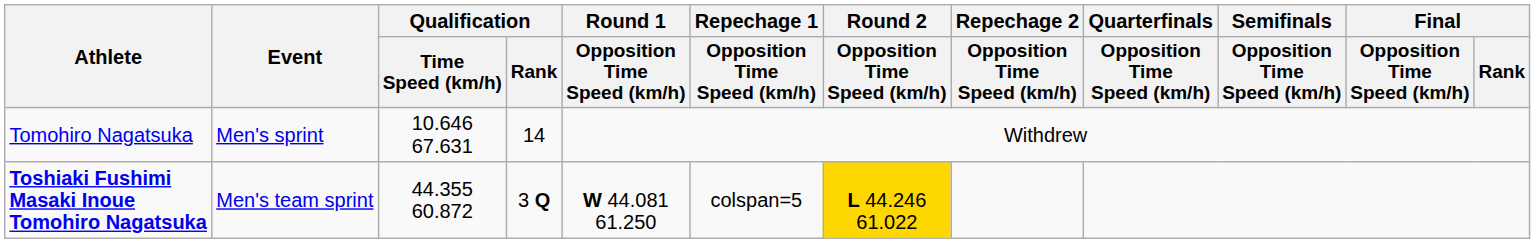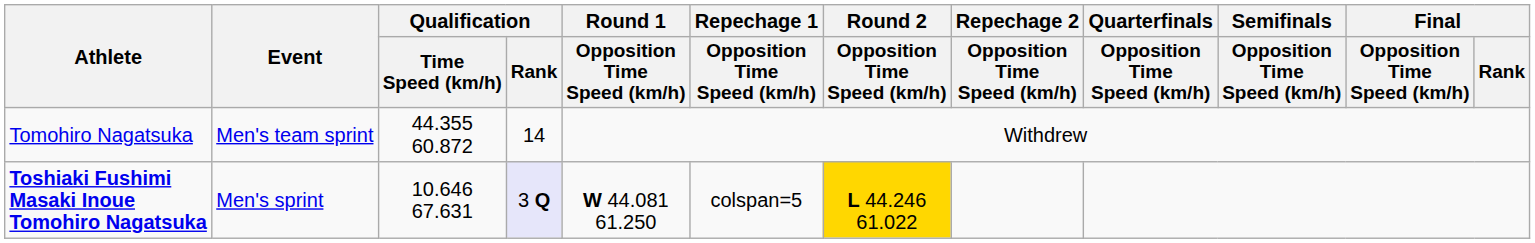 <table class="wikitable" style="font-size:90%">
 <tr>
 <th rowspan="2">Athlete</th>
 <th rowspan="2">Event</th>
 <th colspan=2>Qualification</th>
 <th>Round 1</th>
 <th>Repechage 1</th>
 <th>Round 2</th>
 <th>Repechage 2</th>
 <th>Quarterfinals</th>
 <th>Semifinals</th>
 <th colspan=2>Final</th>
 </tr>
 <tr style="font-size:95%">
 <th>Time<br>Speed (km/h)</th>
 <th>Rank</th>
 <th>Opposition<br>Time<br>Speed (km/h)</th>
 <th>Opposition<br>Time<br>Speed (km/h)</th>
 <th>Opposition<br>Time<br>Speed (km/h)</th>
 <th>Opposition<br>Time<br>Speed (km/h)</th>
 <th>Opposition<br>Time<br>Speed (km/h)</th>
 <th>Opposition<br>Time<br>Speed (km/h)</th>
 <th>Opposition<br>Time<br>Speed (km/h)</th>
 <th>Rank</th>
 </tr>
 <tr align=center>
 <td align=left><a href='#'>Tomohiro Nagatsuka</a></td>
-<td align=left><a href='#'>Men's sprint</a></td>
-<td>10.646<br>67.631</td>
+<td align=left><a href='#'>Men's team sprint</a></td>
+<td>44.355<br>60.872</td>
 <td>14</td>
 <td colspan=8>Withdrew</td>
 </tr>
 <tr align=center>
 <td align=left><strong><a href='#'>Toshiaki Fushimi</a><br><a href='#'>Masaki Inoue</a><br><a href='#'>Tomohiro Nagatsuka</a></strong></td>
-<td align=left><a href='#'>Men's team sprint</a></td>
-<td>44.355<br>60.872</td>
-<td>3 <strong>Q</strong></td>
+<td align=left><a href='#'>Men's sprint</a></td>
+<td>10.646<br>67.631</td>
+<td style="background: lavender;">3 <strong>Q</strong></td>
 <td><br><strong>W</strong> 44.081<br>61.250</td>
 <td>colspan=5 </td>
 <td style="background: gold;"><br><strong>L</strong> 44.246<br>61.022</td>
 <td></td>
 </tr>
 </table>
